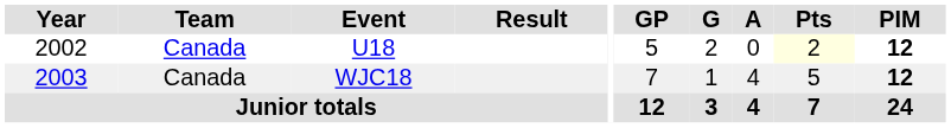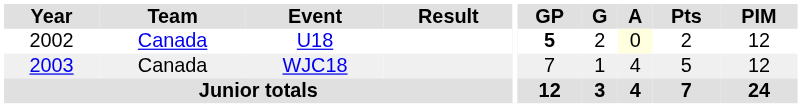 <table border="0" cellpadding="1" cellspacing="0" ID="Table3" style="text-align:center; width:40em">
 <tr ALIGN="center" bgcolor="#e0e0e0">
 <th>Year</th>
 <th>Team</th>
 <th>Event</th>
 <th>Result</th>
 <th rowspan="99" bgcolor="#ffffff"></th>
 <th>GP</th>
 <th>G</th>
 <th>A</th>
 <th>Pts</th>
 <th>PIM</th>
 </tr>
 <tr>
 <td>2002</td>
 <td><a href='#'>Canada</a></td>
 <td><a href='#'>U18</a></td>
 <td></td>
-<td>5</td>
+<td><strong>5</strong></td>
 <td>2</td>
-<td>0</td>
-<td style="background: lightyellow;">2</td>
-<td><strong>12</strong></td>
+<td style="background: lightyellow;">0</td>
+<td>2</td>
+<td>12</td>
 </tr>
 <tr bgcolor="#f0f0f0">
 <td><a href='#'>2003</a></td>
 <td>Canada</td>
 <td><a href='#'>WJC18</a></td>
 <td></td>
 <td>7</td>
 <td>1</td>
 <td>4</td>
 <td>5</td>
-<td><strong>12</strong></td>
+<td>12</td>
 </tr>
 <tr bgcolor="#e0e0e0">
 <th colspan="4">Junior totals</th>
 <th>12</th>
 <th>3</th>
 <th>4</th>
 <th>7</th>
 <th>24</th>
 </tr>
 </table>
